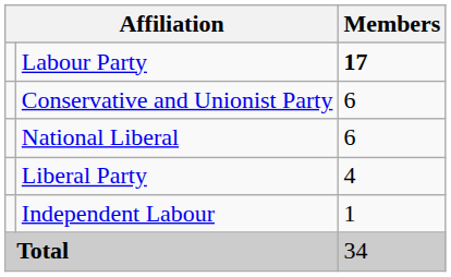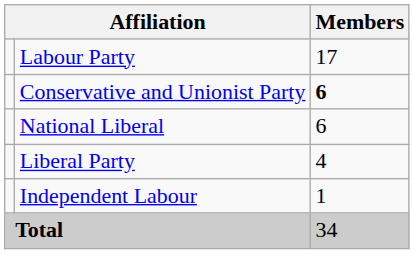 <table class="wikitable">
 <tr>
 <th colspan="2">Affiliation</th>
 <th>Members</th>
 </tr>
 <tr>
 <td style="color:inherit;background:"></td>
 <td><a href='#'>Labour Party</a></td>
-<td><strong>17</strong></td>
+<td>17</td>
 </tr>
 <tr>
 <td style="color:inherit;background:"></td>
 <td><a href='#'>Conservative and Unionist Party</a></td>
-<td>6</td>
+<td><strong>6</strong></td>
 </tr>
 <tr>
 <td style="color:inherit;background-color: "></td>
 <td><a href='#'>National Liberal</a></td>
 <td>6</td>
 </tr>
 <tr>
 <td style="color:inherit;background:"></td>
 <td><a href='#'>Liberal Party</a></td>
 <td>4</td>
 </tr>
 <tr>
 <td style="color:inherit;background-color: "></td>
 <td><a href='#'>Independent Labour</a></td>
 <td>1</td>
 </tr>
 <tr style="background:#ccc;">
 <td colspan="2"> <strong>Total</strong></td>
 <td>34</td>
 </tr>
 </table>
